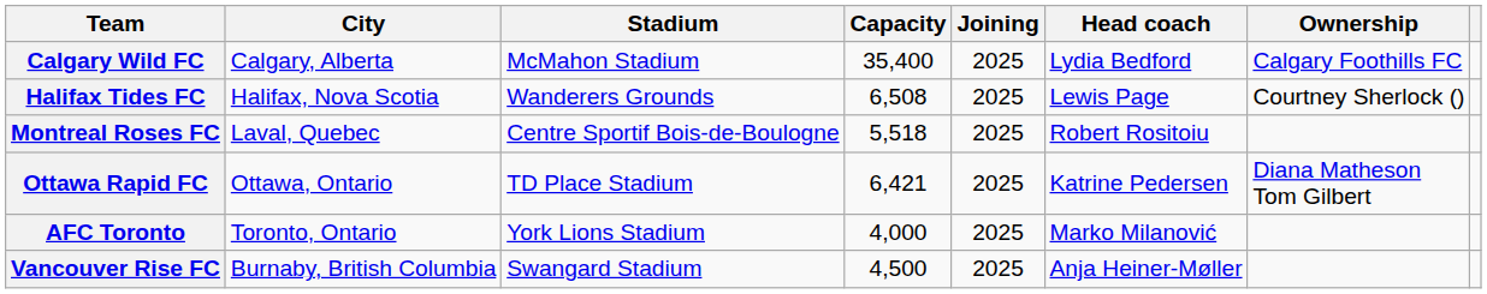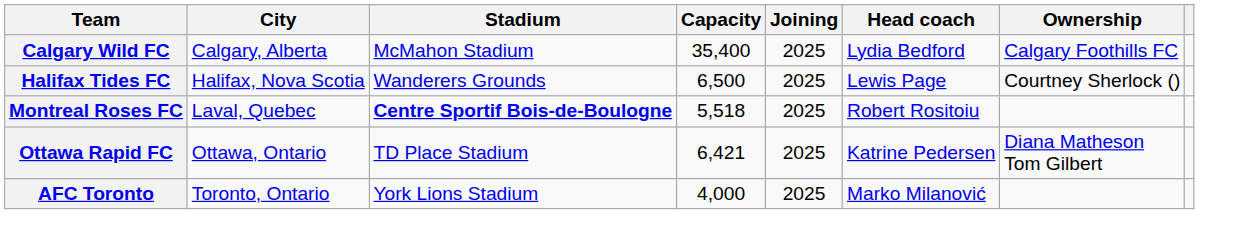 <table class="wikitable sortable" style="text-size:90%">
 <tr>
 <th scope="col">Team</th>
 <th scope="col">City</th>
 <th scope="col">Stadium</th>
 <th scope="col">Capacity</th>
 <th scope="col">Joining</th>
 <th scope="col">Head coach</th>
 <th scope="col">Ownership</th>
 <th scope="col" class="unsortable"></th>
 </tr>
 <tr>
 <th scope="row"><a href='#'>Calgary Wild FC</a></th>
 <td><a href='#'>Calgary, Alberta</a></td>
 <td><a href='#'>McMahon Stadium</a></td>
 <td align="center">35,400</td>
 <td align="center">2025</td>
 <td> <a href='#'>Lydia Bedford</a></td>
 <td><a href='#'>Calgary Foothills FC</a></td>
 <td align="center"></td>
 </tr>
 <tr>
 <th scope="row"><a href='#'>Halifax Tides FC</a></th>
 <td><a href='#'>Halifax, Nova Scotia</a></td>
 <td><a href='#'>Wanderers Grounds</a></td>
-<td align="center">6,508</td>
+<td align="center">6,500</td>
 <td align="center">2025</td>
 <td> <a href='#'>Lewis Page</a></td>
 <td>Courtney Sherlock ()</td>
 <td align="center"></td>
 </tr>
 <tr>
 <th scope="row"><a href='#'>Montreal Roses FC</a></th>
 <td><a href='#'>Laval, Quebec</a></td>
-<td><a href='#'>Centre Sportif Bois-de-Boulogne</a></td>
+<td><strong><a href='#'>Centre Sportif Bois-de-Boulogne</a></strong></td>
 <td align="center">5,518</td>
 <td align="center">2025</td>
 <td> <a href='#'>Robert Rositoiu</a></td>
 <td></td>
 <td align="center"></td>
 </tr>
 <tr>
 <th scope="row"><a href='#'>Ottawa Rapid FC</a></th>
 <td><a href='#'>Ottawa, Ontario</a></td>
 <td><a href='#'>TD Place Stadium</a></td>
 <td align="center">6,421</td>
 <td align="center">2025</td>
 <td> <a href='#'>Katrine Pedersen</a></td>
 <td><a href='#'>Diana Matheson</a><br>Tom Gilbert</td>
 <td align="center"></td>
 </tr>
 <tr>
 <th scope="row"><a href='#'>AFC Toronto</a></th>
 <td><a href='#'>Toronto, Ontario</a></td>
 <td><a href='#'>York Lions Stadium</a></td>
 <td align="center">4,000</td>
 <td align="center">2025</td>
 <td> <a href='#'>Marko Milanović</a></td>
 <td></td>
 <td align="center"></td>
 </tr>
-<tr>
-<th scope="row"><a href='#'>Vancouver Rise FC</a></th>
-<td><a href='#'>Burnaby, British Columbia</a></td>
-<td><a href='#'>Swangard Stadium</a></td>
-<td align="center">4,500</td>
-<td align="center">2025</td>
-<td> <a href='#'>Anja Heiner-Møller</a></td>
-<td></td>
-<td align="center"></td>
-</tr>
 </table>
